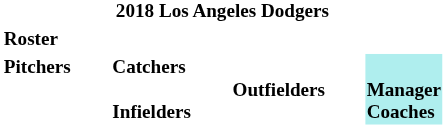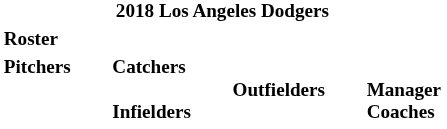 <table class="toccolours" style="font-size: 95%;">
 <tr>
 <th colspan="10">2018 Los Angeles Dodgers</th>
 </tr>
 <tr>
 <td colspan="10"><strong>Roster</strong></td>
 </tr>
 <tr>
 <td valign="top"><strong>Pitchers</strong><br>                             </td>
 <td width="25px"></td>
 <td valign="top"><strong>Catchers</strong><br>  <br><strong>Infielders</strong>            </td>
 <td width="25px"></td>
 <td valign="top"><br><strong>Outfielders</strong>       </td>
 <td width="25px"></td>
-<td valign="top" style="background: paleturquoise;"><br><strong>Manager</strong> <br><strong>Coaches</strong>                        </td>
+<td valign="top"><br><strong>Manager</strong> <br><strong>Coaches</strong>                        </td>
 </tr>
 </table>
